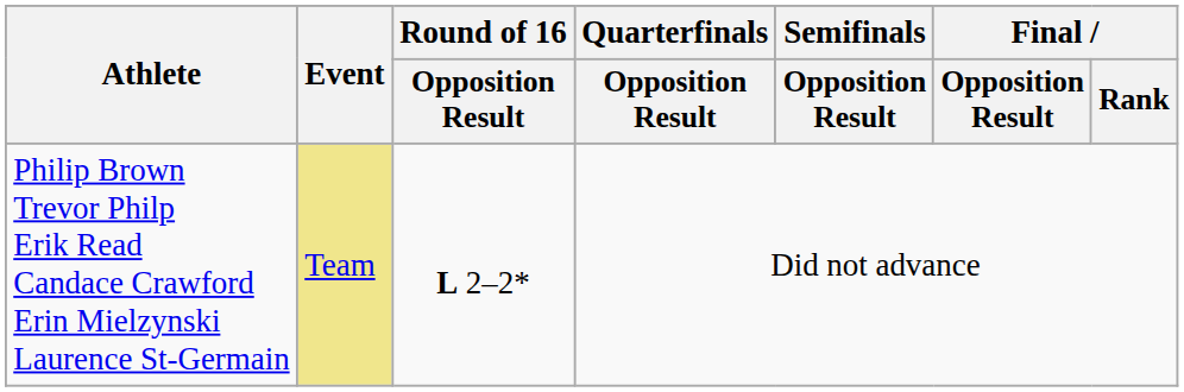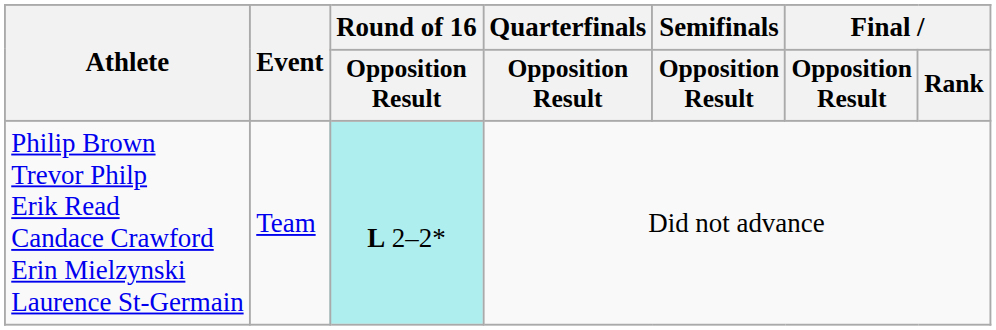 <table class="wikitable" style="font-size:90%">
 <tr>
 <th rowspan="2">Athlete</th>
 <th rowspan="2">Event</th>
 <th>Round of 16</th>
 <th>Quarterfinals</th>
 <th>Semifinals</th>
 <th colspan=2>Final / </th>
 </tr>
 <tr style="font-size:95%">
 <th>Opposition<br>Result</th>
 <th>Opposition<br>Result</th>
 <th>Opposition<br>Result</th>
 <th>Opposition<br>Result</th>
 <th>Rank</th>
 </tr>
 <tr align=center>
 <td align="left"><a href='#'>Philip Brown</a><br><a href='#'>Trevor Philp</a><br><a href='#'>Erik Read</a><br><a href='#'>Candace Crawford</a><br><a href='#'>Erin Mielzynski</a><br><a href='#'>Laurence St-Germain</a></td>
-<td align="left" style="background: khaki;"><a href='#'>Team</a></td>
-<td><br><strong>L</strong> 2–2*</td>
+<td align="left"><a href='#'>Team</a></td>
+<td style="background: paleturquoise;"><br><strong>L</strong> 2–2*</td>
 <td colspan=4>Did not advance</td>
 </tr>
 </table>
